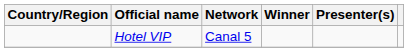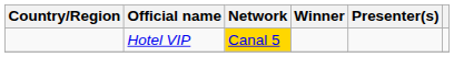 <table class="wikitable">
 <tr>
 <th>Country/Region</th>
 <th>Official name</th>
 <th>Network</th>
 <th>Winner</th>
 <th><strong>Presenter(s)</strong></th>
 <th></th>
 </tr>
 <tr>
 <td></td>
 <td><em><a href='#'>Hotel VIP</a></em></td>
-<td><a href='#'>Canal 5</a></td>
+<td style="background: gold;"><a href='#'>Canal 5</a></td>
 <td></td>
 <td></td>
 <td></td>
 </tr>
 <tr>
 </tr>
 </table>
